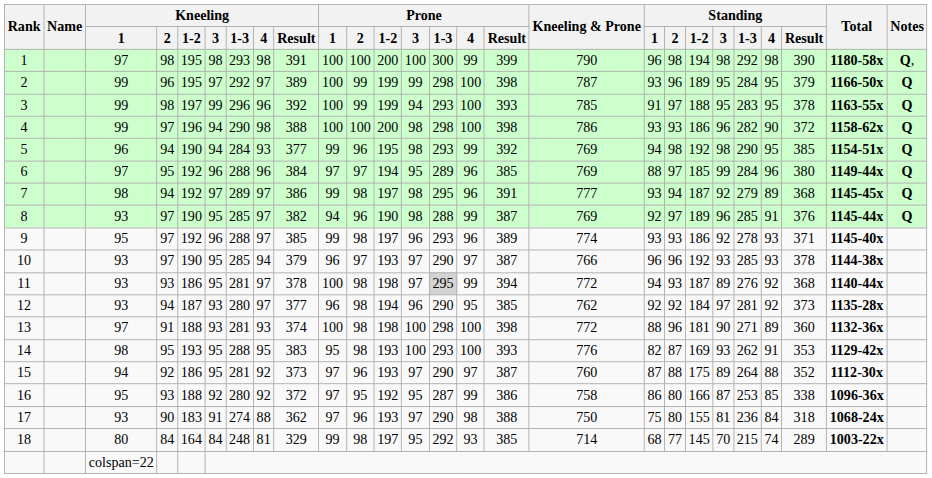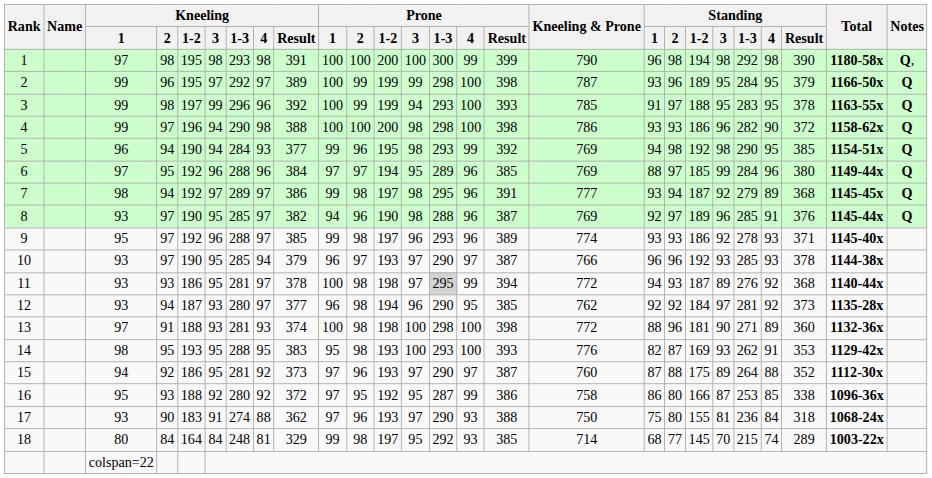 <table class="wikitable sortable" style="text-align:center;">
 <tr>
 <th rowspan=2>Rank</th>
 <th rowspan=2>Name</th>
 <th colspan=7>Kneeling</th>
 <th colspan=7>Prone</th>
 <th rowspan=2>Kneeling & Prone</th>
 <th colspan=7>Standing</th>
 <th rowspan=2>Total</th>
 <th rowspan=2>Notes</th>
 </tr>
 <tr>
 <th>1</th>
 <th>2</th>
 <th>1-2</th>
 <th>3</th>
 <th>1-3</th>
 <th>4</th>
 <th>Result</th>
 <th>1</th>
 <th>2</th>
 <th>1-2</th>
 <th>3</th>
 <th>1-3</th>
 <th>4</th>
 <th>Result</th>
 <th>1</th>
 <th>2</th>
 <th>1-2</th>
 <th>3</th>
 <th>1-3</th>
 <th>4</th>
 <th>Result</th>
 </tr>
 <tr bgcolor=ccffcc>
 <td>1</td>
 <td align=left></td>
 <td>97</td>
 <td>98</td>
 <td>195</td>
 <td>98</td>
 <td>293</td>
 <td>98</td>
 <td>391</td>
 <td>100</td>
 <td>100</td>
 <td>200</td>
 <td>100</td>
 <td>300</td>
 <td>99</td>
 <td>399</td>
 <td>790</td>
 <td>96</td>
 <td>98</td>
 <td>194</td>
 <td>98</td>
 <td>292</td>
 <td>98</td>
 <td>390</td>
 <td><strong>1180-58x</strong></td>
 <td><strong>Q</strong>, </td>
 </tr>
 <tr bgcolor=ccffcc>
 <td>2</td>
 <td align=left></td>
 <td>99</td>
 <td>96</td>
 <td>195</td>
 <td>97</td>
 <td>292</td>
 <td>97</td>
 <td>389</td>
 <td>100</td>
 <td>99</td>
 <td>199</td>
 <td>99</td>
 <td>298</td>
 <td>100</td>
 <td>398</td>
 <td>787</td>
 <td>93</td>
 <td>96</td>
 <td>189</td>
 <td>95</td>
 <td>284</td>
 <td>95</td>
 <td>379</td>
 <td><strong>1166-50x</strong></td>
 <td><strong>Q</strong></td>
 </tr>
 <tr bgcolor=ccffcc>
 <td>3</td>
 <td align=left></td>
 <td>99</td>
 <td>98</td>
 <td>197</td>
 <td>99</td>
 <td>296</td>
 <td>96</td>
 <td>392</td>
 <td>100</td>
 <td>99</td>
 <td>199</td>
 <td>94</td>
 <td>293</td>
 <td>100</td>
 <td>393</td>
 <td>785</td>
 <td>91</td>
 <td>97</td>
 <td>188</td>
 <td>95</td>
 <td>283</td>
 <td>95</td>
 <td>378</td>
 <td><strong>1163-55x</strong></td>
 <td><strong>Q</strong></td>
 </tr>
 <tr bgcolor=ccffcc>
 <td>4</td>
 <td align=left></td>
 <td>99</td>
 <td>97</td>
 <td>196</td>
 <td>94</td>
 <td>290</td>
 <td>98</td>
 <td>388</td>
 <td>100</td>
 <td>100</td>
 <td>200</td>
 <td>98</td>
 <td>298</td>
 <td>100</td>
 <td>398</td>
 <td>786</td>
 <td>93</td>
 <td>93</td>
 <td>186</td>
 <td>96</td>
 <td>282</td>
 <td>90</td>
 <td>372</td>
 <td><strong>1158-62x</strong></td>
 <td><strong>Q</strong></td>
 </tr>
 <tr bgcolor=ccffcc>
 <td>5</td>
 <td align=left></td>
 <td>96</td>
 <td>94</td>
 <td>190</td>
 <td>94</td>
 <td>284</td>
 <td>93</td>
 <td>377</td>
 <td>99</td>
 <td>96</td>
 <td>195</td>
 <td>98</td>
 <td>293</td>
 <td>99</td>
 <td>392</td>
 <td>769</td>
 <td>94</td>
 <td>98</td>
 <td>192</td>
 <td>98</td>
 <td>290</td>
 <td>95</td>
 <td>385</td>
 <td><strong>1154-51x</strong></td>
 <td><strong>Q</strong></td>
 </tr>
 <tr bgcolor=ccffcc>
 <td>6</td>
 <td align=left></td>
 <td>97</td>
 <td>95</td>
 <td>192</td>
 <td>96</td>
 <td>288</td>
 <td>96</td>
 <td>384</td>
 <td>97</td>
 <td>97</td>
 <td>194</td>
 <td>95</td>
 <td>289</td>
 <td>96</td>
 <td>385</td>
 <td>769</td>
 <td>88</td>
 <td>97</td>
 <td>185</td>
 <td>99</td>
 <td>284</td>
 <td>96</td>
 <td>380</td>
 <td><strong>1149-44x</strong></td>
 <td><strong>Q</strong></td>
 </tr>
 <tr bgcolor=ccffcc>
 <td>7</td>
 <td align=left></td>
 <td>98</td>
 <td>94</td>
 <td>192</td>
 <td>97</td>
 <td>289</td>
 <td>97</td>
 <td>386</td>
 <td>99</td>
 <td>98</td>
 <td>197</td>
 <td>98</td>
 <td>295</td>
 <td>96</td>
 <td>391</td>
 <td>777</td>
 <td>93</td>
 <td>94</td>
 <td>187</td>
 <td>92</td>
 <td>279</td>
 <td>89</td>
 <td>368</td>
 <td><strong>1145-45x</strong></td>
 <td><strong>Q</strong></td>
 </tr>
 <tr bgcolor=ccffcc>
 <td>8</td>
 <td align=left></td>
 <td>93</td>
 <td>97</td>
 <td>190</td>
 <td>95</td>
 <td>285</td>
 <td>97</td>
 <td>382</td>
 <td>94</td>
 <td>96</td>
 <td>190</td>
 <td>98</td>
 <td>288</td>
-<td>99</td>
+<td>96</td>
 <td>387</td>
 <td>769</td>
 <td>92</td>
 <td>97</td>
 <td>189</td>
 <td>96</td>
 <td>285</td>
 <td>91</td>
 <td>376</td>
 <td><strong>1145-44x</strong></td>
 <td><strong>Q</strong></td>
 </tr>
 <tr>
 <td>9</td>
 <td align=left></td>
 <td>95</td>
 <td>97</td>
 <td>192</td>
 <td>96</td>
 <td>288</td>
 <td>97</td>
 <td>385</td>
 <td>99</td>
 <td>98</td>
 <td>197</td>
 <td>96</td>
 <td>293</td>
 <td>96</td>
 <td>389</td>
 <td>774</td>
 <td>93</td>
 <td>93</td>
 <td>186</td>
 <td>92</td>
 <td>278</td>
 <td>93</td>
 <td>371</td>
 <td><strong>1145-40x</strong></td>
 <td></td>
 </tr>
 <tr>
 <td>10</td>
 <td align=left></td>
 <td>93</td>
 <td>97</td>
 <td>190</td>
 <td>95</td>
 <td>285</td>
 <td>94</td>
 <td>379</td>
 <td>96</td>
 <td>97</td>
 <td>193</td>
 <td>97</td>
 <td>290</td>
 <td>97</td>
 <td>387</td>
 <td>766</td>
 <td>96</td>
 <td>96</td>
 <td>192</td>
 <td>93</td>
 <td>285</td>
 <td>93</td>
 <td>378</td>
 <td><strong>1144-38x</strong></td>
 <td></td>
 </tr>
 <tr>
 <td>11</td>
 <td align=left></td>
 <td>93</td>
 <td>93</td>
 <td>186</td>
 <td>95</td>
 <td>281</td>
 <td>97</td>
 <td>378</td>
 <td>100</td>
 <td>98</td>
 <td>198</td>
 <td>97</td>
 <td style="background: lightgrey;">295</td>
 <td>99</td>
 <td>394</td>
 <td>772</td>
 <td>94</td>
 <td>93</td>
 <td>187</td>
 <td>89</td>
 <td>276</td>
 <td>92</td>
 <td>368</td>
 <td><strong>1140-44x</strong></td>
 <td></td>
 </tr>
 <tr>
 <td>12</td>
 <td align=left></td>
 <td>93</td>
 <td>94</td>
 <td>187</td>
 <td>93</td>
 <td>280</td>
 <td>97</td>
 <td>377</td>
 <td>96</td>
 <td>98</td>
 <td>194</td>
 <td>96</td>
 <td>290</td>
 <td>95</td>
 <td>385</td>
 <td>762</td>
 <td>92</td>
 <td>92</td>
 <td>184</td>
 <td>97</td>
 <td>281</td>
 <td>92</td>
 <td>373</td>
 <td><strong>1135-28x</strong></td>
 <td></td>
 </tr>
 <tr>
 <td>13</td>
 <td align=left></td>
 <td>97</td>
 <td>91</td>
 <td>188</td>
 <td>93</td>
 <td>281</td>
 <td>93</td>
 <td>374</td>
 <td>100</td>
 <td>98</td>
 <td>198</td>
 <td>100</td>
 <td>298</td>
 <td>100</td>
 <td>398</td>
 <td>772</td>
 <td>88</td>
 <td>96</td>
 <td>181</td>
 <td>90</td>
 <td>271</td>
 <td>89</td>
 <td>360</td>
 <td><strong>1132-36x</strong></td>
 <td></td>
 </tr>
 <tr>
 <td>14</td>
 <td align=left></td>
 <td>98</td>
 <td>95</td>
 <td>193</td>
 <td>95</td>
 <td>288</td>
 <td>95</td>
 <td>383</td>
 <td>95</td>
 <td>98</td>
 <td>193</td>
 <td>100</td>
 <td>293</td>
 <td>100</td>
 <td>393</td>
 <td>776</td>
 <td>82</td>
 <td>87</td>
 <td>169</td>
 <td>93</td>
 <td>262</td>
 <td>91</td>
 <td>353</td>
 <td><strong>1129-42x</strong></td>
 <td></td>
 </tr>
 <tr>
 <td>15</td>
 <td align=left></td>
 <td>94</td>
 <td>92</td>
 <td>186</td>
 <td>95</td>
 <td>281</td>
 <td>92</td>
 <td>373</td>
 <td>97</td>
 <td>96</td>
 <td>193</td>
 <td>97</td>
 <td>290</td>
 <td>97</td>
 <td>387</td>
 <td>760</td>
 <td>87</td>
 <td>88</td>
 <td>175</td>
 <td>89</td>
 <td>264</td>
 <td>88</td>
 <td>352</td>
 <td><strong>1112-30x</strong></td>
 <td></td>
 </tr>
 <tr>
 <td>16</td>
 <td align=left></td>
 <td>95</td>
 <td>93</td>
 <td>188</td>
 <td>92</td>
 <td>280</td>
 <td>92</td>
 <td>372</td>
 <td>97</td>
 <td>95</td>
 <td>192</td>
 <td>95</td>
 <td>287</td>
 <td>99</td>
 <td>386</td>
 <td>758</td>
 <td>86</td>
 <td>80</td>
 <td>166</td>
 <td>87</td>
 <td>253</td>
 <td>85</td>
 <td>338</td>
 <td><strong>1096-36x</strong></td>
 <td></td>
 </tr>
 <tr>
 <td>17</td>
 <td align=left></td>
 <td>93</td>
 <td>90</td>
 <td>183</td>
 <td>91</td>
 <td>274</td>
 <td>88</td>
 <td>362</td>
 <td>97</td>
 <td>96</td>
 <td>193</td>
 <td>97</td>
 <td>290</td>
-<td>98</td>
+<td>93</td>
 <td>388</td>
 <td>750</td>
 <td>75</td>
 <td>80</td>
 <td>155</td>
 <td>81</td>
 <td>236</td>
 <td>84</td>
 <td>318</td>
 <td><strong>1068-24x</strong></td>
 <td></td>
 </tr>
 <tr>
 <td>18</td>
 <td align=left></td>
 <td>80</td>
 <td>84</td>
 <td>164</td>
 <td>84</td>
 <td>248</td>
 <td>81</td>
 <td>329</td>
 <td>99</td>
 <td>98</td>
 <td>197</td>
 <td>95</td>
 <td>292</td>
 <td>93</td>
 <td>385</td>
 <td>714</td>
 <td>68</td>
 <td>77</td>
 <td>145</td>
 <td>70</td>
 <td>215</td>
 <td>74</td>
 <td>289</td>
 <td><strong>1003-22x</strong></td>
 <td></td>
 </tr>
 <tr>
 <td></td>
 <td align=left></td>
 <td>colspan=22 </td>
 <td></td>
 <td></td>
 </tr>
 </table>
